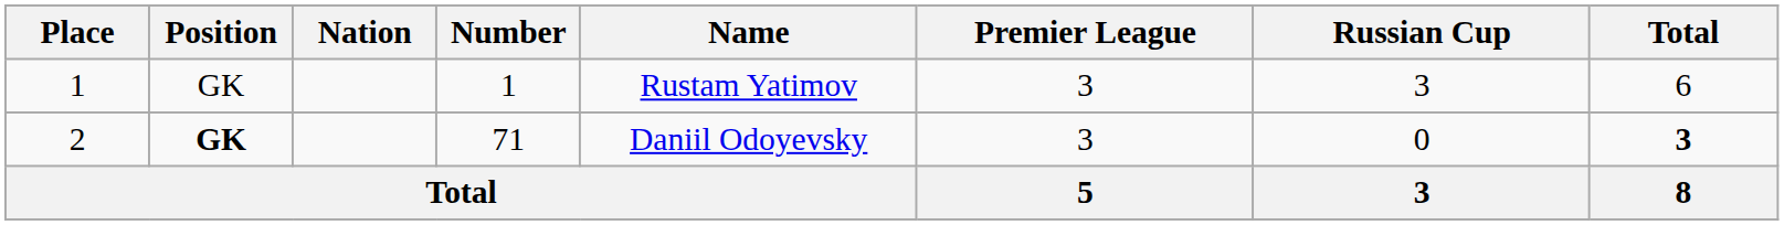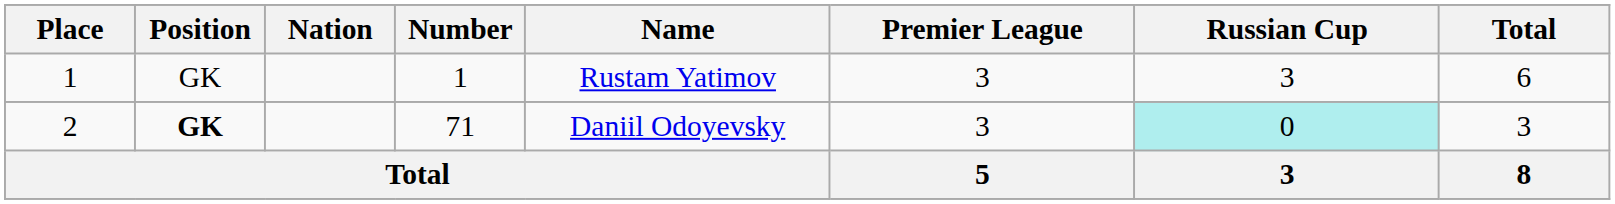 <table class="wikitable" style="font-size: 95%; text-align: center;">
 <tr>
 <th width=60>Place</th>
 <th width=60>Position</th>
 <th width=60>Nation</th>
 <th width=60>Number</th>
 <th width=150>Name</th>
 <th width=150>Premier League</th>
 <th width=150>Russian Cup</th>
 <th width=80>Total</th>
 </tr>
 <tr>
 <td>1</td>
 <td>GK</td>
 <td></td>
 <td>1</td>
 <td><a href='#'>Rustam Yatimov</a></td>
 <td>3</td>
 <td>3</td>
 <td>6</td>
 </tr>
 <tr>
 <td>2</td>
 <td><strong>GK</strong></td>
 <td></td>
 <td>71</td>
 <td><a href='#'>Daniil Odoyevsky</a></td>
 <td>3</td>
-<td>0</td>
-<td><strong>3</strong></td>
+<td style="background: paleturquoise;">0</td>
+<td>3</td>
 </tr>
 <tr>
 <th colspan=5>Total</th>
 <th>5</th>
 <th>3</th>
 <th>8</th>
 </tr>
 </table>
